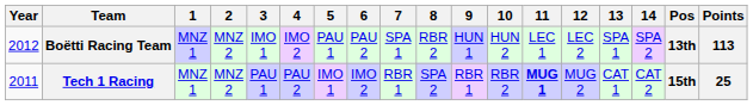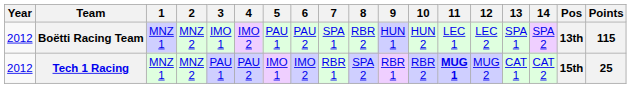 <table class="wikitable" style="text-align:center; font-size:85%">
 <tr>
 <th>Year</th>
 <th>Team</th>
 <th>1</th>
 <th>2</th>
 <th>3</th>
 <th>4</th>
 <th>5</th>
 <th>6</th>
 <th>7</th>
 <th>8</th>
 <th>9</th>
 <th>10</th>
 <th>11</th>
 <th>12</th>
 <th>13</th>
 <th>14</th>
 <th>Pos</th>
 <th>Points</th>
 </tr>
 <tr>
 <td><a href='#'>2012</a></td>
 <th nowrap>Boëtti Racing Team</th>
 <td style="background:#CFCFFF;"><a href='#'>MNZ<br>1</a><br></td>
 <td style="background:#DFFFDF;"><a href='#'>MNZ<br>2</a><br></td>
 <td style="background:#DFFFDF;"><a href='#'>IMO<br>1</a><br></td>
 <td style="background:#EFCFFF;"><a href='#'>IMO<br>2</a><br></td>
 <td style="background:#DFFFDF;"><a href='#'>PAU<br>1</a><br></td>
 <td style="background:#DFFFDF;"><a href='#'>PAU<br>2</a><br></td>
 <td style="background:#DFFFDF;"><a href='#'>SPA<br>1</a><br></td>
 <td style="background:#DFFFDF;"><a href='#'>RBR<br>2</a><br></td>
 <td style="background:#CFCFFF;"><a href='#'>HUN<br>1</a><br></td>
 <td style="background:#DFFFDF;"><a href='#'>HUN<br>2</a><br></td>
 <td style="background:#DFFFDF;"><a href='#'>LEC<br>1</a><br></td>
 <td style="background:#DFFFDF;"><a href='#'>LEC<br>2</a><br></td>
 <td style="background:#DFFFDF;"><a href='#'>SPA<br>1</a><br></td>
 <td style="background:#EFCFFF;"><a href='#'>SPA<br>2</a><br></td>
 <th>13th</th>
-<th>113</th>
+<th>115</th>
 </tr>
 <tr>
-<td><a href='#'>2011</a></td>
+<td><a href='#'>2012</a></td>
 <th nowrap><a href='#'>Tech 1 Racing</a></th>
 <td style="background:#DFFFDF;"><a href='#'>MNZ<br>1</a><br></td>
 <td style="background:#DFFFDF;"><a href='#'>MNZ<br>2</a><br></td>
 <td style="background:#CFCFFF;"><a href='#'>PAU<br>1</a><br></td>
 <td style="background:#CFCFFF;"><a href='#'>PAU<br>2</a><br></td>
 <td style="background:#EFCFFF;"><a href='#'>IMO<br>1</a><br></td>
 <td style="background:#CFCFFF;"><a href='#'>IMO<br>2</a><br></td>
 <td style="background:#DFFFDF;"><a href='#'>RBR<br>1</a><br></td>
 <td style="background:#CFCFFF;"><a href='#'>SPA<br>2</a><br></td>
 <td style="background:#EFCFFF;"><a href='#'>RBR<br>1</a><br></td>
 <td style="background:#CFCFFF;"><a href='#'>RBR<br>2</a><br></td>
 <td style="background:#CFCFFF;"><strong><a href='#'>MUG<br>1</a><br></strong></td>
 <td style="background:#CFCFFF;"><a href='#'>MUG<br>2</a><br></td>
 <td style="background:#DFFFDF;"><a href='#'>CAT<br>1</a><br></td>
 <td style="background:#DFFFDF;"><a href='#'>CAT<br>2</a><br></td>
 <th>15th</th>
 <th>25</th>
 </tr>
 </table>
